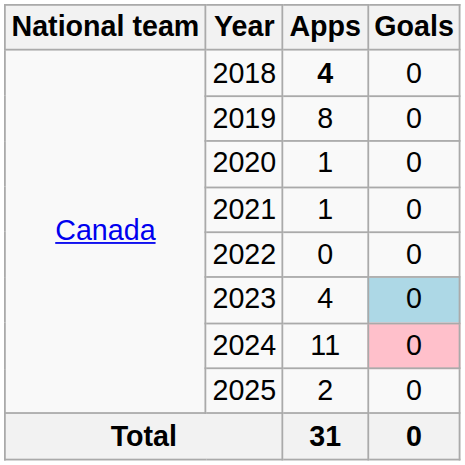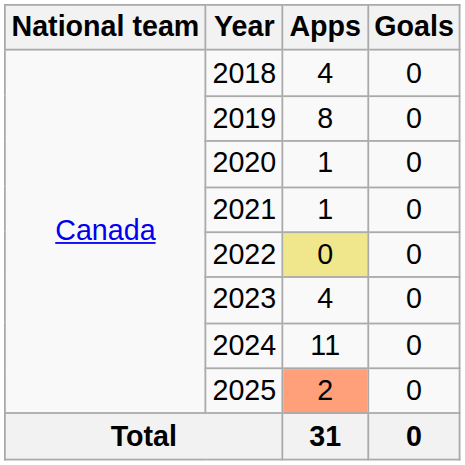 <table class="wikitable" style="text-align:center">
 <tr>
 <th>National team</th>
 <th>Year</th>
 <th>Apps</th>
 <th>Goals</th>
 </tr>
 <tr>
 <td rowspan="8"><a href='#'>Canada</a></td>
 <td>2018</td>
-<td><strong>4</strong></td>
+<td>4</td>
 <td>0</td>
 </tr>
 <tr>
 <td>2019</td>
 <td>8</td>
 <td>0</td>
 </tr>
 <tr>
 <td>2020</td>
 <td>1</td>
 <td>0</td>
 </tr>
 <tr>
 <td>2021</td>
 <td>1</td>
 <td>0</td>
 </tr>
 <tr>
 <td>2022</td>
-<td>0</td>
+<td style="background: khaki;">0</td>
 <td>0</td>
 </tr>
 <tr>
 <td>2023</td>
 <td>4</td>
-<td style="background: lightblue;">0</td>
+<td>0</td>
 </tr>
 <tr>
 <td>2024</td>
 <td>11</td>
-<td style="background: pink;">0</td>
+<td>0</td>
 </tr>
 <tr>
 <td>2025</td>
-<td>2</td>
+<td style="background: lightsalmon;">2</td>
 <td>0</td>
 </tr>
 <tr>
 <th colspan="2">Total</th>
 <th>31</th>
 <th>0</th>
 </tr>
 </table>
